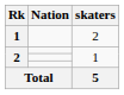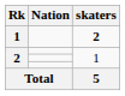 <table class="wikitable sortable" style="text-align: center;">
 <tr>
 <th>Rk</th>
 <th>Nation</th>
 <th>skaters</th>
 </tr>
 <tr>
 <th>1</th>
 <td></td>
-<td>2</td>
+<td><strong>2</strong></td>
 </tr>
 <tr>
 <th rowspan="3">2</th>
 <td></td>
 <td rowspan="3">1</td>
 </tr>
 <tr>
 <td></td>
 </tr>
 <tr>
 <td></td>
 </tr>
 <tr class="sortbottom">
 <th colspan="2">Total</th>
 <th>5</th>
 </tr>
 </table>
